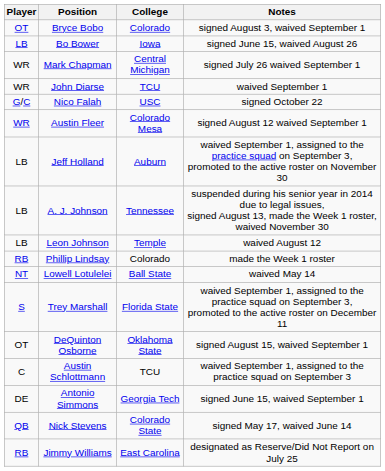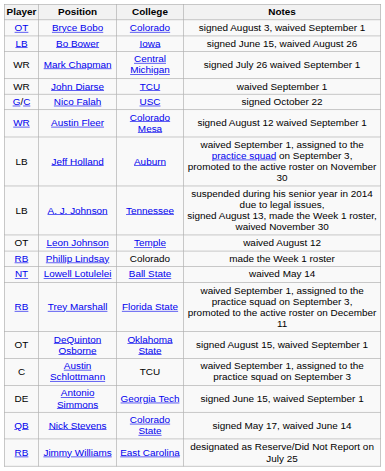 <table class="wikitable" style="text-align:center">
 <tr>
 <th>Player</th>
 <th>Position</th>
 <th>College</th>
 <th>Notes</th>
 </tr>
 <tr>
 <td><a href='#'>OT</a></td>
 <td><a href='#'>Bryce Bobo</a></td>
 <td><a href='#'>Colorado</a></td>
 <td>signed August 3, waived September 1</td>
 </tr>
 <tr>
 <td><a href='#'>LB</a></td>
 <td><a href='#'>Bo Bower</a></td>
 <td><a href='#'>Iowa</a></td>
 <td>signed June 15, waived August 26</td>
 </tr>
 <tr>
 <td>WR</td>
 <td><a href='#'>Mark Chapman</a></td>
 <td><a href='#'>Central Michigan</a></td>
 <td>signed July 26 waived September 1</td>
 </tr>
 <tr>
 <td>WR</td>
 <td><a href='#'>John Diarse</a></td>
 <td><a href='#'>TCU</a></td>
 <td>waived September 1</td>
 </tr>
 <tr>
 <td><a href='#'>G</a>/<a href='#'>C</a></td>
 <td><a href='#'>Nico Falah</a></td>
 <td><a href='#'>USC</a></td>
 <td>signed October 22</td>
 </tr>
 <tr>
 <td><a href='#'>WR</a></td>
 <td><a href='#'>Austin Fleer</a></td>
 <td><a href='#'>Colorado Mesa</a></td>
 <td>signed August 12 waived September 1</td>
 </tr>
 <tr>
 <td>LB</td>
 <td><a href='#'>Jeff Holland</a></td>
 <td><a href='#'>Auburn</a></td>
 <td>waived September 1, assigned to the <a href='#'>practice squad</a> on September 3,<br>promoted to the active roster on November 30</td>
 </tr>
 <tr>
 <td>LB</td>
 <td><a href='#'>A. J. Johnson</a></td>
 <td><a href='#'>Tennessee</a></td>
 <td>suspended during his senior year in 2014 due to legal issues,<br>signed August 13, made the Week 1 roster, waived November 30</td>
 </tr>
 <tr>
-<td>LB</td>
+<td>OT</td>
 <td><a href='#'>Leon Johnson</a></td>
 <td><a href='#'>Temple</a></td>
 <td>waived August 12</td>
 </tr>
 <tr>
 <td><a href='#'>RB</a></td>
 <td><a href='#'>Phillip Lindsay</a></td>
 <td>Colorado</td>
 <td>made the Week 1 roster</td>
 </tr>
 <tr>
 <td><a href='#'>NT</a></td>
 <td><a href='#'>Lowell Lotulelei</a></td>
 <td><a href='#'>Ball State</a></td>
 <td>waived May 14</td>
 </tr>
 <tr>
-<td><a href='#'>S</a></td>
+<td><a href='#'>RB</a></td>
 <td><a href='#'>Trey Marshall</a></td>
 <td><a href='#'>Florida State</a></td>
 <td>waived September 1, assigned to the practice squad on September 3,<br>promoted to the active roster on December 11</td>
 </tr>
 <tr>
 <td>OT</td>
 <td><a href='#'>DeQuinton Osborne</a></td>
 <td><a href='#'>Oklahoma State</a></td>
 <td>signed August 15, waived September 1</td>
 </tr>
 <tr>
 <td>C</td>
 <td><a href='#'>Austin Schlottmann</a></td>
 <td>TCU</td>
 <td>waived September 1, assigned to the practice squad on September 3</td>
 </tr>
 <tr>
 <td>DE</td>
 <td><a href='#'>Antonio Simmons</a></td>
 <td><a href='#'>Georgia Tech</a></td>
 <td>signed June 15, waived September 1</td>
 </tr>
 <tr>
 <td><a href='#'>QB</a></td>
 <td><a href='#'>Nick Stevens</a></td>
 <td><a href='#'>Colorado State</a></td>
 <td>signed May 17, waived June 14</td>
 </tr>
 <tr>
 <td><a href='#'>RB</a></td>
 <td><a href='#'>Jimmy Williams</a></td>
 <td><a href='#'>East Carolina</a></td>
 <td>designated as Reserve/Did Not Report on July 25</td>
 </tr>
 </table>
